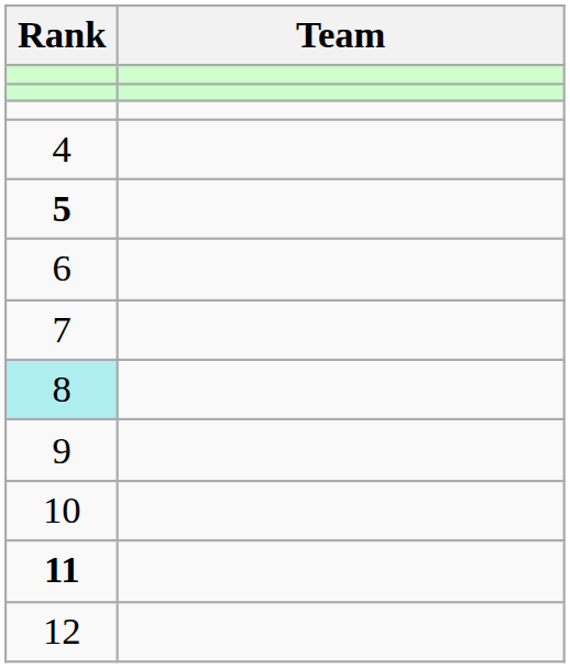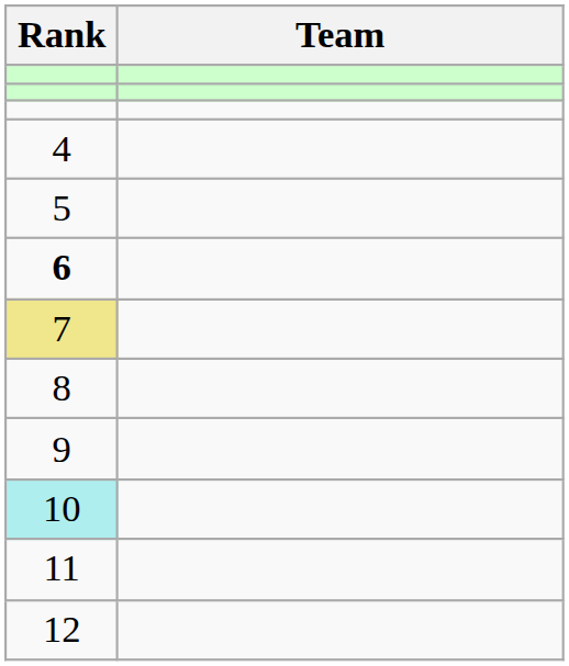 <table class="wikitable" style="text-align: center;">
 <tr>
 <th width=40>Rank</th>
 <th width=180>Team</th>
 </tr>
 <tr bgcolor=ccffcc>
 <td></td>
 <td align=left></td>
 </tr>
 <tr bgcolor=ccffcc>
 <td></td>
 <td align=left></td>
 </tr>
 <tr>
 <td></td>
 <td align=left></td>
 </tr>
 <tr>
 <td>4</td>
 <td align=left></td>
 </tr>
 <tr>
-<td><strong>5</strong></td>
+<td>5</td>
 <td align=left></td>
 </tr>
 <tr>
-<td>6</td>
+<td><strong>6</strong></td>
 <td align=left></td>
 </tr>
 <tr>
-<td>7</td>
+<td style="background: khaki;">7</td>
 <td align=left></td>
 </tr>
 <tr>
-<td style="background: paleturquoise;">8</td>
+<td>8</td>
 <td align=left></td>
 </tr>
 <tr>
 <td>9</td>
 <td align=left></td>
 </tr>
 <tr>
-<td>10</td>
+<td style="background: paleturquoise;">10</td>
 <td align=left></td>
 </tr>
 <tr>
-<td><strong>11</strong></td>
+<td>11</td>
 <td align=left></td>
 </tr>
 <tr>
 <td>12</td>
 <td align=left></td>
 </tr>
 </table>
